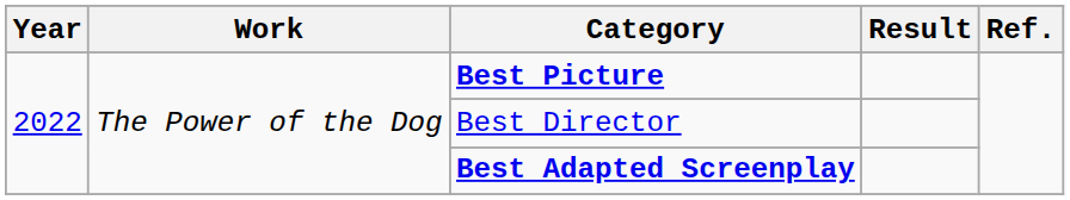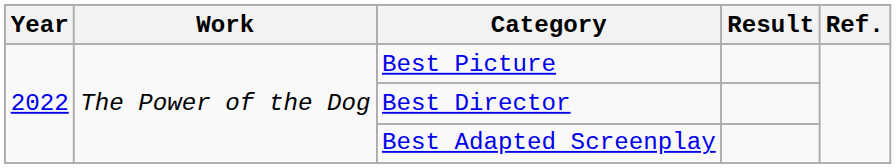 <table class="wikitable">
 <tr>
 <th>Year</th>
 <th>Work</th>
 <th>Category</th>
 <th>Result</th>
 <th>Ref.</th>
 </tr>
 <tr>
 <td rowspan="3"><a href='#'>2022</a></td>
 <td rowspan="3"><em>The Power of the Dog</em></td>
-<td><strong><a href='#'>Best Picture</a></strong></td>
+<td><a href='#'>Best Picture</a></td>
 <td></td>
 <td rowspan="3"></td>
 </tr>
 <tr>
 <td><a href='#'>Best Director</a></td>
 <td></td>
 </tr>
 <tr>
-<td><strong><a href='#'>Best Adapted Screenplay</a></strong></td>
+<td><a href='#'>Best Adapted Screenplay</a></td>
 <td></td>
 </tr>
 </table>
